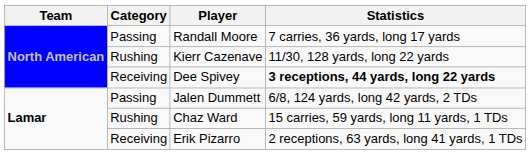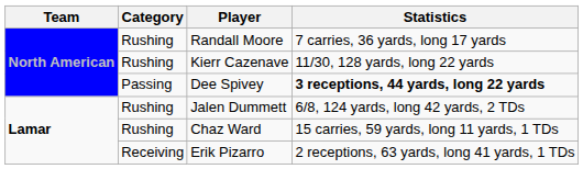 <table class="wikitable" style="float: right;">
 <tr>
 <th>Team</th>
 <th>Category</th>
 <th>Player</th>
 <th>Statistics</th>
 </tr>
 <tr>
 <td rowspan=3 style='color:silver; background: blue; ' valign="center"><strong>North American</strong></td>
-<td>Passing</td>
+<td>Rushing</td>
 <td>Randall Moore</td>
 <td>7 carries, 36 yards, long 17 yards</td>
 </tr>
 <tr>
 <td>Rushing</td>
 <td>Kierr Cazenave</td>
 <td>11/30, 128 yards, long 22 yards</td>
 </tr>
 <tr>
-<td>Receiving</td>
+<td>Passing</td>
 <td>Dee Spivey</td>
 <td><strong>3 receptions, 44 yards, long 22 yards</strong></td>
 </tr>
 <tr>
 <td rowspan=3><strong>Lamar</strong></td>
-<td>Passing</td>
+<td>Rushing</td>
 <td>Jalen Dummett</td>
 <td>6/8, 124 yards, long 42 yards, 2 TDs</td>
 </tr>
 <tr>
 <td>Rushing</td>
 <td>Chaz Ward</td>
 <td>15 carries, 59 yards, long 11 yards, 1 TDs</td>
 </tr>
 <tr>
 <td>Receiving</td>
 <td>Erik Pizarro</td>
 <td>2 receptions, 63 yards, long 41 yards, 1 TDs</td>
 </tr>
 </table>
